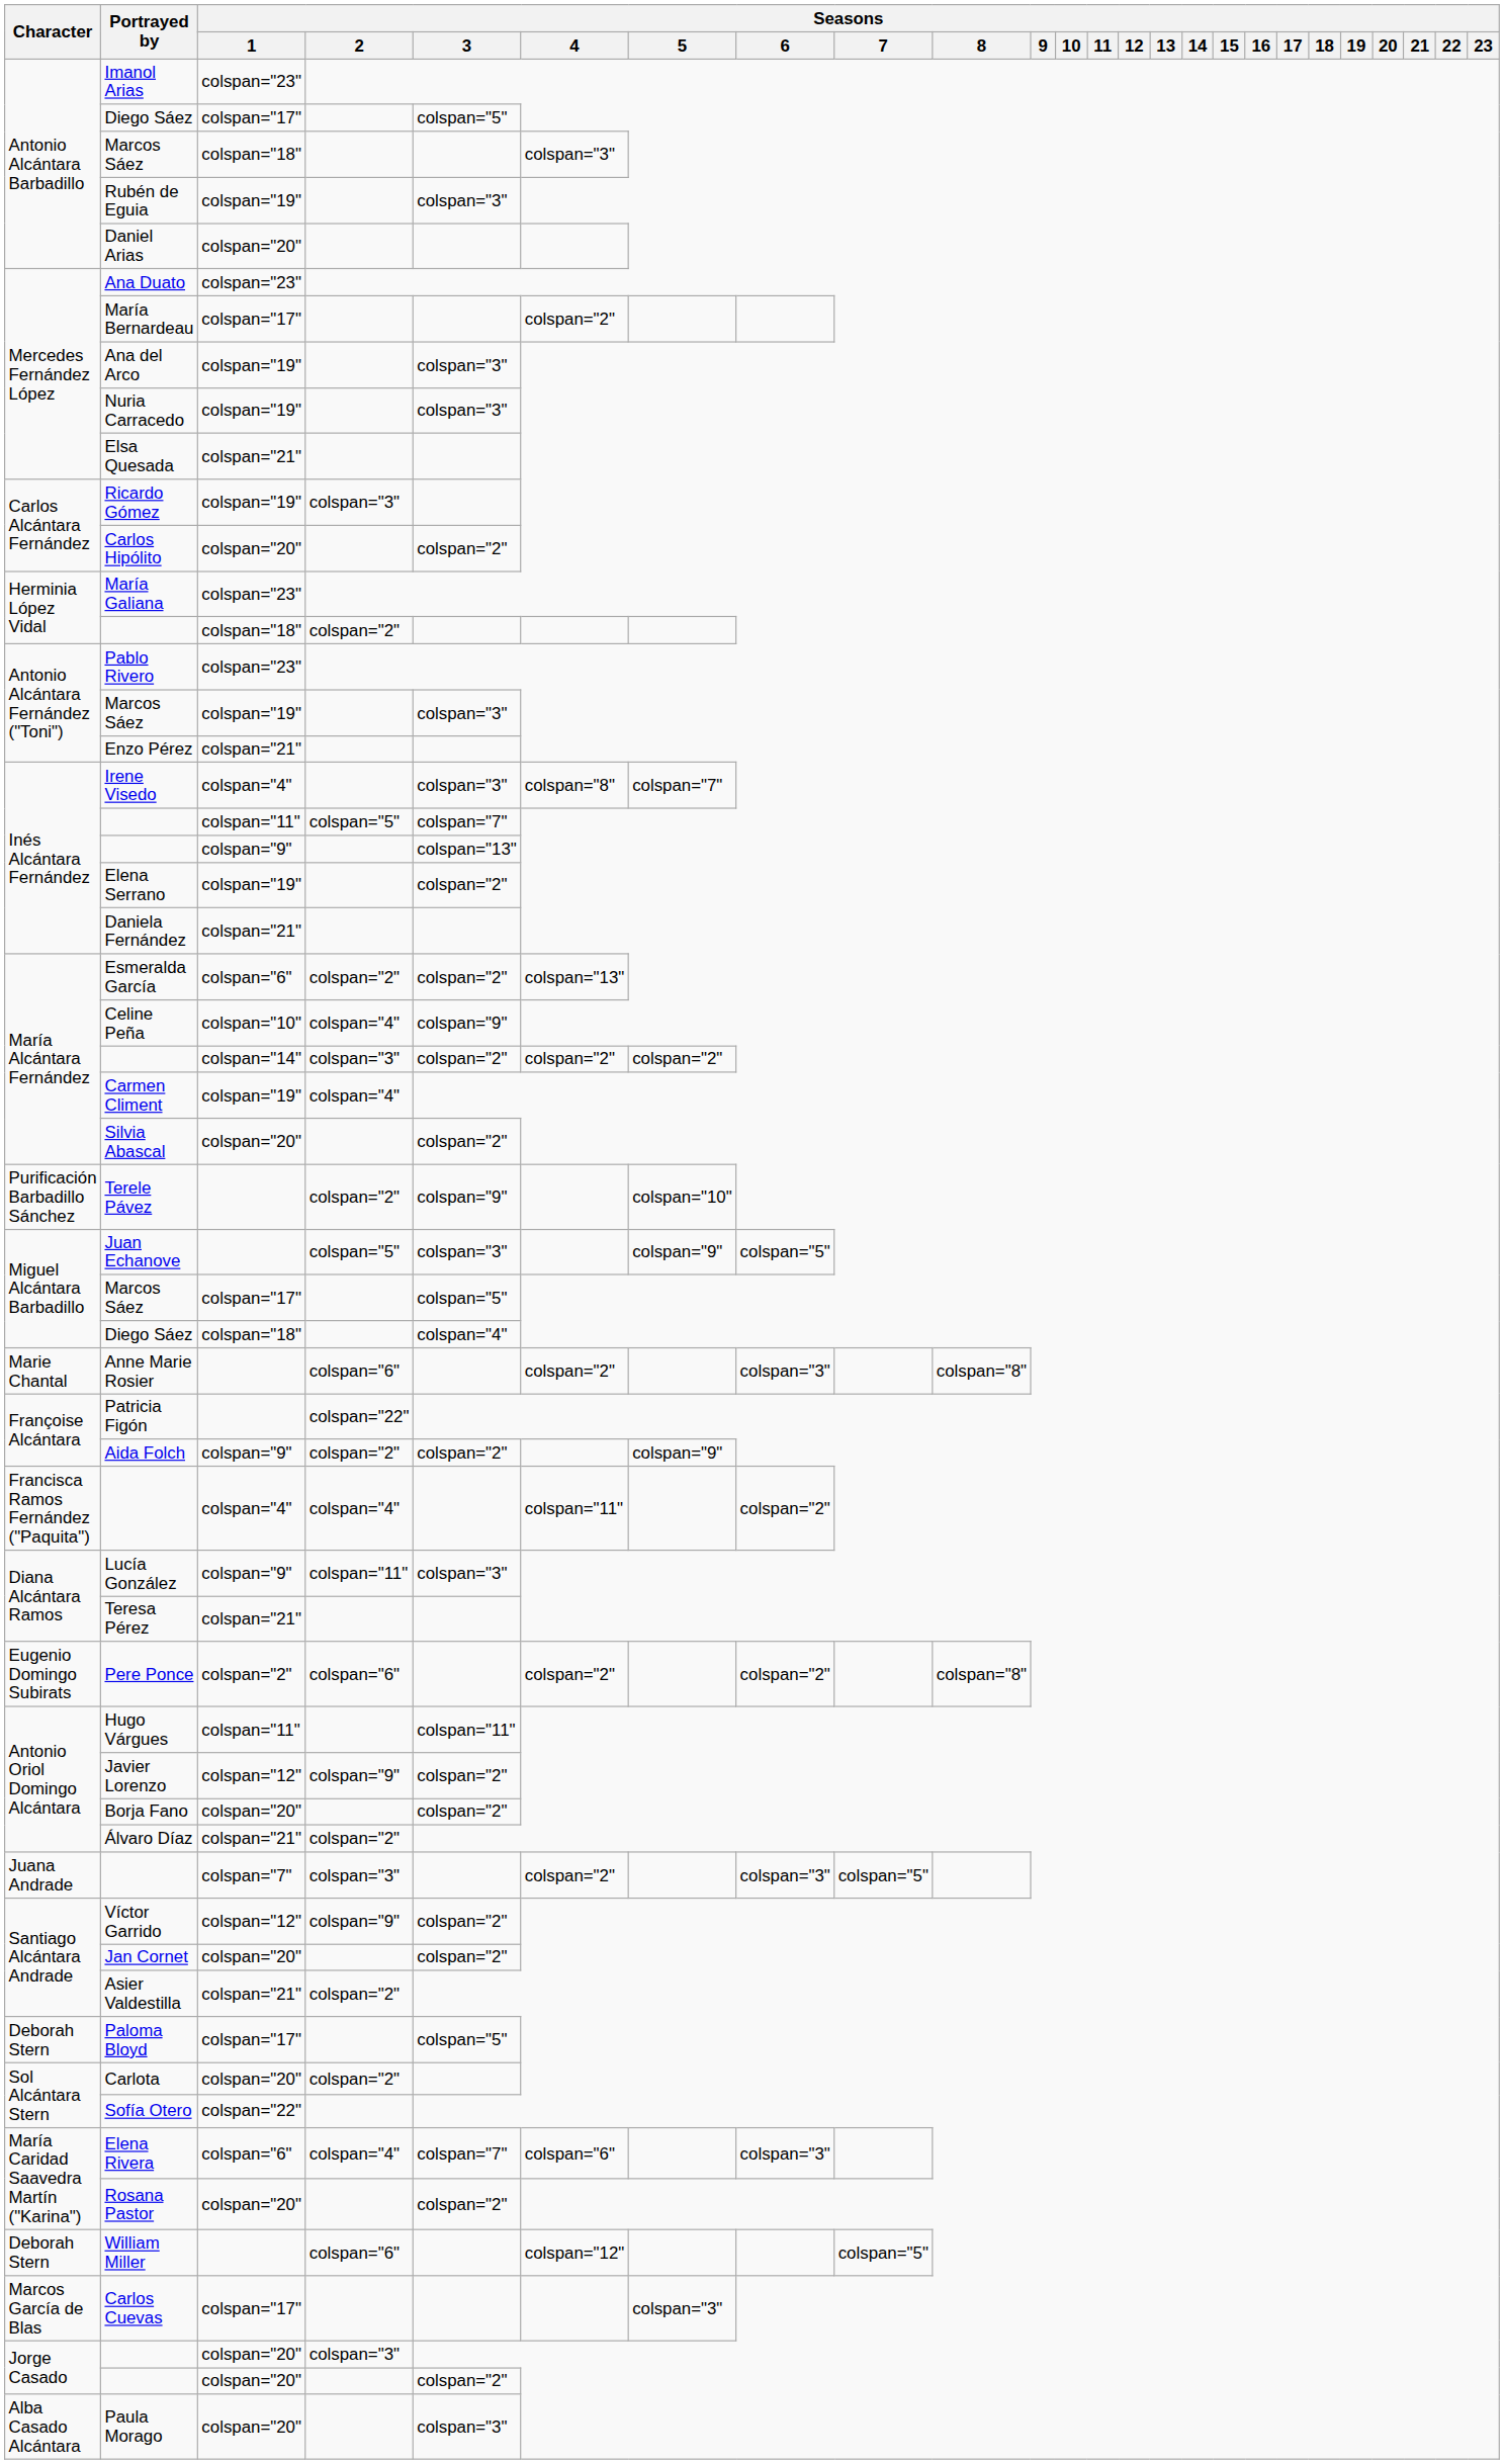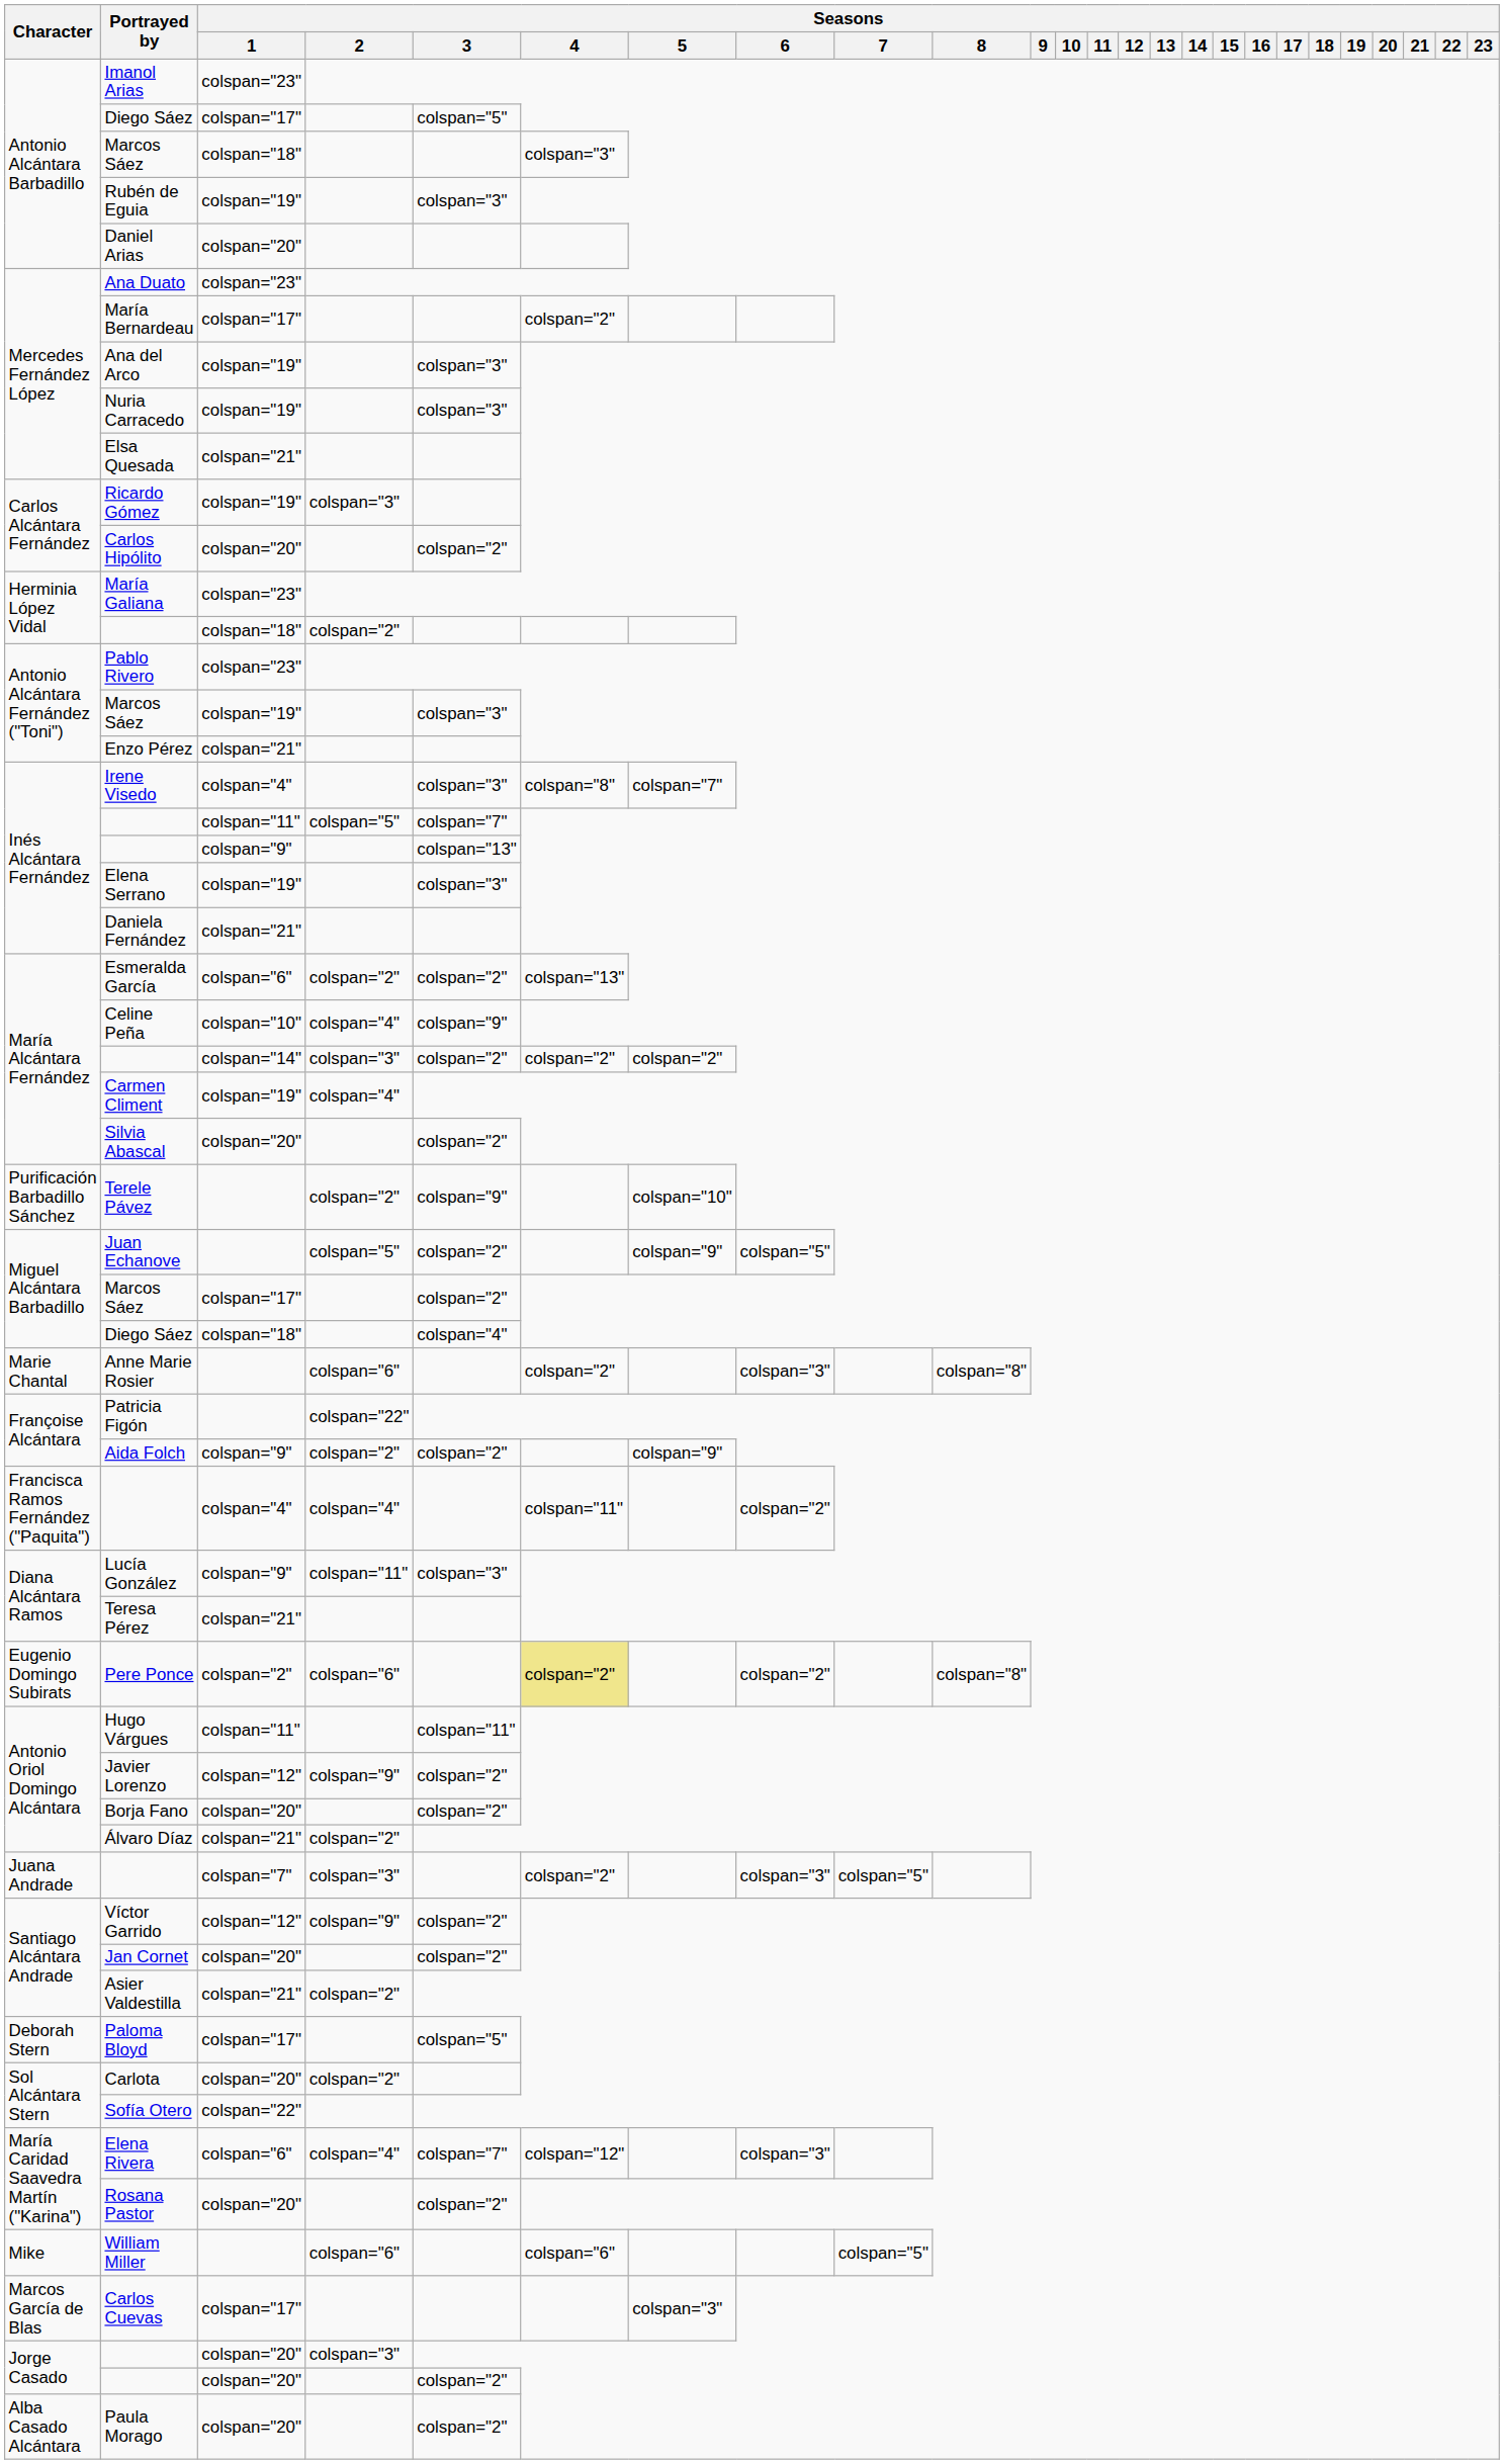 <table class="wikitable" style="width:100%; font-size:90%">
 <tr>
 <th rowspan="2">Character</th>
 <th rowspan="2">Portrayed by</th>
 <th colspan="23">Seasons</th>
 </tr>
 <tr>
 <th style="width:3%">1</th>
 <th style="width:3%">2</th>
 <th style="width:3%">3</th>
 <th style="width:3%">4</th>
 <th style="width:3%">5</th>
 <th style="width:3%">6</th>
 <th style="width:3%">7</th>
 <th style="width:3%">8</th>
 <th style="width:3%">9</th>
 <th style="width:3%">10</th>
 <th style="width:3%">11</th>
 <th style="width:3%">12</th>
 <th style="width:3%">13</th>
 <th style="width:3%">14</th>
 <th style="width:3%">15</th>
 <th style="width:3%">16</th>
 <th style="width:3%">17</th>
 <th style="width:3%">18</th>
 <th style="width:3%">19</th>
 <th style="width:3%">20</th>
 <th style="width:3%">21</th>
 <th style="width:3%">22</th>
 <th style="width:3%">23</th>
 </tr>
 <tr>
 <td rowspan = "5">Antonio Alcántara Barbadillo</td>
 <td><a href='#'>Imanol Arias</a></td>
 <td>colspan="23" </td>
 </tr>
 <tr>
 <td>Diego Sáez</td>
 <td>colspan="17" </td>
 <td></td>
 <td>colspan="5" </td>
 </tr>
 <tr>
 <td>Marcos Sáez</td>
 <td>colspan="18" </td>
 <td></td>
 <td></td>
 <td>colspan="3" </td>
 </tr>
 <tr>
 <td>Rubén de Eguia</td>
 <td>colspan="19" </td>
 <td></td>
 <td>colspan="3" </td>
 </tr>
 <tr>
 <td>Daniel Arias</td>
 <td>colspan="20" </td>
 <td></td>
 <td></td>
 <td></td>
 </tr>
 <tr>
 <td rowspan = "5">Mercedes Fernández López</td>
 <td><a href='#'>Ana Duato</a></td>
 <td>colspan="23" </td>
 </tr>
 <tr>
 <td>María Bernardeau</td>
 <td>colspan="17" </td>
 <td></td>
 <td></td>
 <td>colspan="2" </td>
 <td></td>
 <td></td>
 </tr>
 <tr>
 <td>Ana del Arco</td>
 <td>colspan="19" </td>
 <td></td>
 <td>colspan="3" </td>
 </tr>
 <tr>
 <td>Nuria Carracedo</td>
 <td>colspan="19" </td>
 <td></td>
 <td>colspan="3" </td>
 </tr>
 <tr>
 <td>Elsa Quesada</td>
 <td>colspan="21" </td>
 <td></td>
 <td></td>
 </tr>
 <tr>
 <td rowspan = "2">Carlos Alcántara Fernández</td>
 <td><a href='#'>Ricardo Gómez</a></td>
 <td>colspan="19" </td>
 <td>colspan="3" </td>
 <td></td>
 </tr>
 <tr>
 <td><a href='#'>Carlos Hipólito</a></td>
 <td>colspan="20"  </td>
 <td></td>
 <td>colspan="2"  </td>
 </tr>
 <tr>
 <td rowspan = "2">Herminia López Vidal</td>
 <td><a href='#'>María Galiana</a></td>
 <td>colspan="23" </td>
 </tr>
 <tr>
 <td></td>
 <td>colspan="18" </td>
 <td>colspan="2" </td>
 <td></td>
 <td></td>
 <td></td>
 </tr>
 <tr>
 <td rowspan = "3">Antonio Alcántara Fernández ("Toni")</td>
 <td><a href='#'>Pablo Rivero</a></td>
 <td>colspan="23" </td>
 </tr>
 <tr>
 <td>Marcos Sáez</td>
 <td>colspan="19" </td>
 <td></td>
 <td>colspan="3" </td>
 </tr>
 <tr>
 <td>Enzo Pérez</td>
 <td>colspan="21" </td>
 <td></td>
 <td></td>
 </tr>
 <tr>
 <td rowspan = "5">Inés Alcántara Fernández</td>
 <td><a href='#'>Irene Visedo</a></td>
 <td>colspan="4" </td>
 <td></td>
 <td>colspan="3" </td>
 <td>colspan="8" </td>
 <td>colspan="7" </td>
 </tr>
 <tr>
 <td></td>
 <td>colspan="11" </td>
 <td>colspan="5" </td>
 <td>colspan="7" </td>
 </tr>
 <tr>
 <td></td>
 <td>colspan="9" </td>
 <td></td>
 <td>colspan="13" </td>
 </tr>
 <tr>
 <td>Elena Serrano</td>
 <td>colspan="19" </td>
 <td></td>
-<td>colspan="2" </td>
+<td>colspan="3" </td>
 </tr>
 <tr>
 <td>Daniela Fernández</td>
 <td>colspan="21" </td>
 <td></td>
 <td></td>
 </tr>
 <tr>
 <td rowspan = "5">María Alcántara Fernández</td>
 <td>Esmeralda García</td>
 <td>colspan="6" </td>
 <td>colspan="2" </td>
 <td>colspan="2" </td>
 <td>colspan="13" </td>
 </tr>
 <tr>
 <td>Celine Peña</td>
 <td>colspan="10" </td>
 <td>colspan="4" </td>
 <td>colspan="9" </td>
 </tr>
 <tr>
 <td></td>
 <td>colspan="14" </td>
 <td>colspan="3" </td>
 <td>colspan="2" </td>
 <td>colspan="2" </td>
 <td>colspan="2" </td>
 </tr>
 <tr>
 <td><a href='#'>Carmen Climent</a></td>
 <td>colspan="19" </td>
 <td>colspan="4" </td>
 </tr>
 <tr>
 <td><a href='#'>Silvia Abascal</a></td>
 <td>colspan="20" </td>
 <td></td>
 <td>colspan="2" </td>
 </tr>
 <tr>
 <td>Purificación Barbadillo Sánchez</td>
 <td><a href='#'>Terele Pávez</a></td>
 <td></td>
 <td>colspan="2" </td>
 <td>colspan="9" </td>
 <td></td>
 <td>colspan="10" </td>
 </tr>
 <tr>
 <td rowspan = "3">Miguel Alcántara Barbadillo</td>
 <td><a href='#'>Juan Echanove</a></td>
 <td></td>
 <td>colspan="5" </td>
-<td>colspan="3" </td>
+<td>colspan="2" </td>
 <td></td>
 <td>colspan="9" </td>
 <td>colspan="5" </td>
 </tr>
 <tr>
 <td>Marcos Sáez</td>
 <td>colspan="17" </td>
 <td></td>
-<td>colspan="5" </td>
+<td>colspan="2" </td>
 </tr>
 <tr>
 <td>Diego Sáez</td>
 <td>colspan="18" </td>
 <td></td>
 <td>colspan="4" </td>
 </tr>
 <tr>
 <td>Marie Chantal</td>
 <td>Anne Marie Rosier</td>
 <td></td>
 <td>colspan="6" </td>
 <td></td>
 <td>colspan="2" </td>
 <td></td>
 <td>colspan="3" </td>
 <td></td>
 <td>colspan="8" </td>
 </tr>
 <tr>
 <td rowspan = "2">Françoise Alcántara</td>
 <td>Patricia Figón</td>
 <td></td>
 <td>colspan="22" </td>
 </tr>
 <tr>
 <td><a href='#'>Aida Folch</a></td>
 <td>colspan="9" </td>
 <td>colspan="2" </td>
 <td>colspan="2" </td>
 <td></td>
 <td>colspan="9" </td>
 </tr>
 <tr>
 <td>Francisca Ramos Fernández ("Paquita")</td>
 <td></td>
 <td>colspan="4" </td>
 <td>colspan="4" </td>
 <td></td>
 <td>colspan="11" </td>
 <td></td>
 <td>colspan="2" </td>
 </tr>
 <tr>
 <td rowspan = "2">Diana Alcántara Ramos</td>
 <td>Lucía González</td>
 <td>colspan="9" </td>
 <td>colspan="11" </td>
 <td>colspan="3" </td>
 </tr>
 <tr>
 <td>Teresa Pérez</td>
 <td>colspan="21" </td>
 <td></td>
 <td></td>
 </tr>
 <tr>
 <td>Eugenio Domingo Subirats</td>
 <td><a href='#'>Pere Ponce</a></td>
 <td>colspan="2" </td>
 <td>colspan="6" </td>
 <td></td>
-<td>colspan="2" </td>
+<td style="background: khaki;">colspan="2" </td>
 <td></td>
 <td>colspan="2" </td>
 <td></td>
 <td>colspan="8" </td>
 </tr>
 <tr>
 <td rowspan = "4">Antonio Oriol Domingo Alcántara</td>
 <td>Hugo Várgues</td>
 <td>colspan="11" </td>
 <td></td>
 <td>colspan="11" </td>
 </tr>
 <tr>
 <td>Javier Lorenzo</td>
 <td>colspan="12" </td>
 <td>colspan="9" </td>
 <td>colspan="2" </td>
 </tr>
 <tr>
 <td>Borja Fano</td>
 <td>colspan="20" </td>
 <td></td>
 <td>colspan="2" </td>
 </tr>
 <tr>
 <td>Álvaro Díaz</td>
 <td>colspan="21" </td>
 <td>colspan="2" </td>
 </tr>
 <tr>
 <td>Juana Andrade</td>
 <td></td>
 <td>colspan="7" </td>
 <td>colspan="3" </td>
 <td></td>
 <td>colspan="2" </td>
 <td></td>
 <td>colspan="3" </td>
 <td>colspan="5" </td>
 <td></td>
 </tr>
 <tr>
 <td rowspan = "3">Santiago Alcántara Andrade</td>
 <td>Víctor Garrido</td>
 <td>colspan="12" </td>
 <td>colspan="9" </td>
 <td>colspan="2" </td>
 </tr>
 <tr>
 <td><a href='#'>Jan Cornet</a></td>
 <td>colspan="20" </td>
 <td></td>
 <td>colspan="2" </td>
 </tr>
 <tr>
 <td>Asier Valdestilla</td>
 <td>colspan="21" </td>
 <td>colspan="2" </td>
 </tr>
 <tr>
 <td>Deborah Stern</td>
 <td><a href='#'>Paloma Bloyd</a></td>
 <td>colspan="17" </td>
 <td></td>
 <td>colspan="5" </td>
 </tr>
 <tr>
 <td rowspan = "2">Sol Alcántara Stern</td>
 <td>Carlota</td>
 <td>colspan="20" </td>
 <td>colspan="2" </td>
 <td></td>
 </tr>
 <tr>
 <td><a href='#'>Sofía Otero</a></td>
 <td>colspan="22" </td>
 <td></td>
 </tr>
 <tr>
 <td rowspan = "2">María Caridad Saavedra Martín ("Karina")</td>
 <td><a href='#'>Elena Rivera</a></td>
 <td>colspan="6" </td>
 <td>colspan="4" </td>
 <td>colspan="7" </td>
-<td>colspan="6" </td>
+<td>colspan="12" </td>
 <td></td>
 <td>colspan="3" </td>
 <td></td>
 </tr>
 <tr>
 <td><a href='#'>Rosana Pastor</a></td>
 <td>colspan="20" </td>
 <td></td>
 <td>colspan="2" </td>
 </tr>
 <tr>
-<td>Deborah Stern</td>
+<td>Mike</td>
 <td><a href='#'>William Miller</a></td>
 <td></td>
 <td>colspan="6" </td>
 <td></td>
-<td>colspan="12" </td>
+<td>colspan="6" </td>
 <td></td>
 <td></td>
 <td>colspan="5" </td>
 </tr>
 <tr>
 <td>Marcos García de Blas</td>
 <td><a href='#'>Carlos Cuevas</a></td>
 <td>colspan="17" </td>
 <td></td>
 <td></td>
 <td></td>
 <td>colspan="3" </td>
 </tr>
 <tr>
 <td rowspan = "2">Jorge Casado</td>
 <td></td>
 <td>colspan="20" </td>
 <td>colspan="3" </td>
 </tr>
 <tr>
 <td></td>
 <td>colspan="20" </td>
 <td></td>
 <td>colspan="2" </td>
 </tr>
 <tr>
 <td>Alba Casado Alcántara</td>
 <td>Paula Morago</td>
 <td>colspan="20" </td>
 <td></td>
-<td>colspan="3" </td>
+<td>colspan="2" </td>
 </tr>
 </table>
